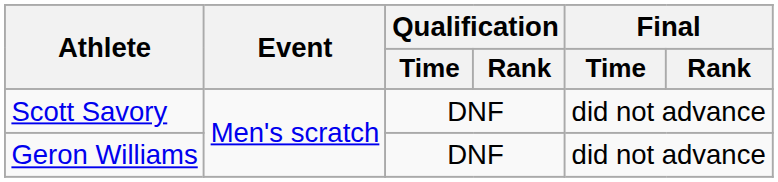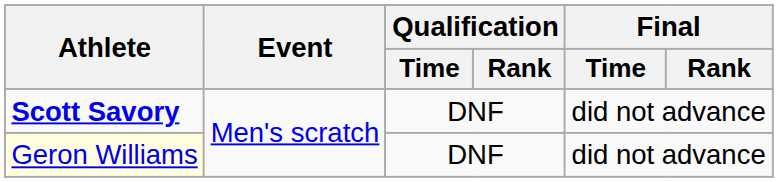 <table class=wikitable style="font-size:90%">
 <tr>
 <th rowspan=2>Athlete</th>
 <th rowspan=2>Event</th>
 <th colspan=2>Qualification</th>
 <th colspan=2>Final</th>
 </tr>
 <tr style="font-size:95%">
 <th>Time</th>
 <th>Rank</th>
 <th>Time</th>
 <th>Rank</th>
 </tr>
 <tr align=center>
-<td align=left><a href='#'>Scott Savory</a></td>
+<td align=left><strong><a href='#'>Scott Savory</a></strong></td>
 <td align=left rowspan="2"><a href='#'>Men's scratch</a></td>
 <td colspan=2>DNF</td>
 <td colspan=2>did not advance</td>
 </tr>
 <tr align=center>
-<td align=left><a href='#'>Geron Williams</a></td>
+<td align=left style="background: lightyellow;"><a href='#'>Geron Williams</a></td>
 <td colspan=2>DNF</td>
 <td colspan=2>did not advance</td>
 </tr>
 </table>
